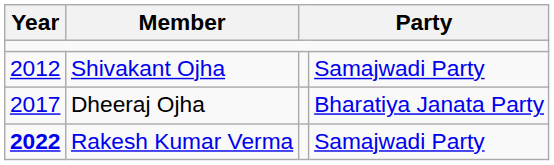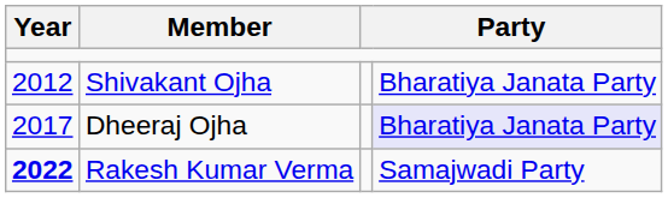 <table class="wikitable">
 <tr>
 <th>Year</th>
 <th>Member</th>
 <th colspan=2>Party</th>
 </tr>
 <tr>
 <td colspan="4"></td>
 </tr>
 <tr>
 <td><a href='#'>2012</a></td>
 <td><a href='#'>Shivakant Ojha</a></td>
 <td style="background-color: "></td>
-<td><a href='#'>Samajwadi Party</a></td>
+<td><a href='#'>Bharatiya Janata Party</a></td>
 </tr>
 <tr>
 <td><a href='#'>2017</a></td>
 <td>Dheeraj Ojha</td>
 <td style="background-color: "></td>
-<td><a href='#'>Bharatiya Janata Party</a></td>
+<td style="background: lavender;"><a href='#'>Bharatiya Janata Party</a></td>
 </tr>
 <tr>
 <td><strong><a href='#'>2022</a></strong></td>
 <td><a href='#'>Rakesh Kumar Verma</a></td>
 <td style="background-color: "></td>
 <td><a href='#'>Samajwadi Party</a></td>
 </tr>
 </table>
